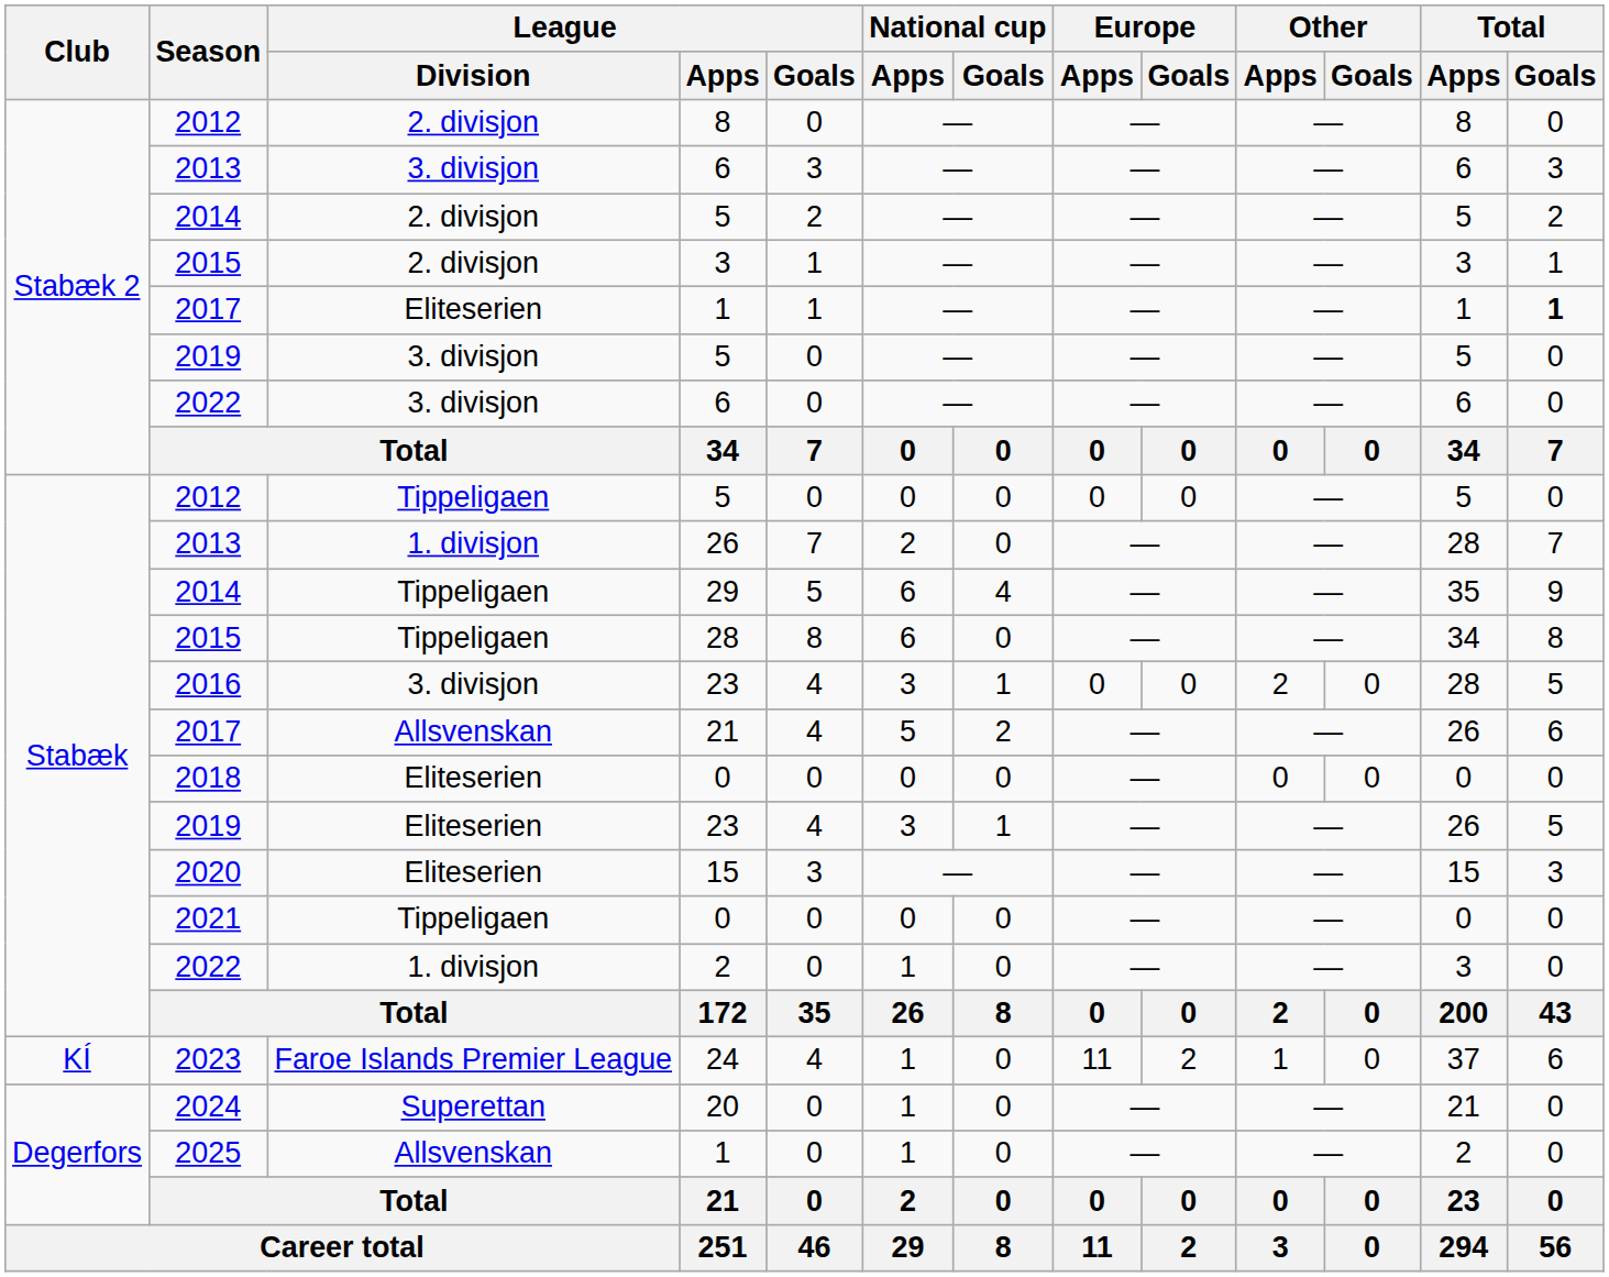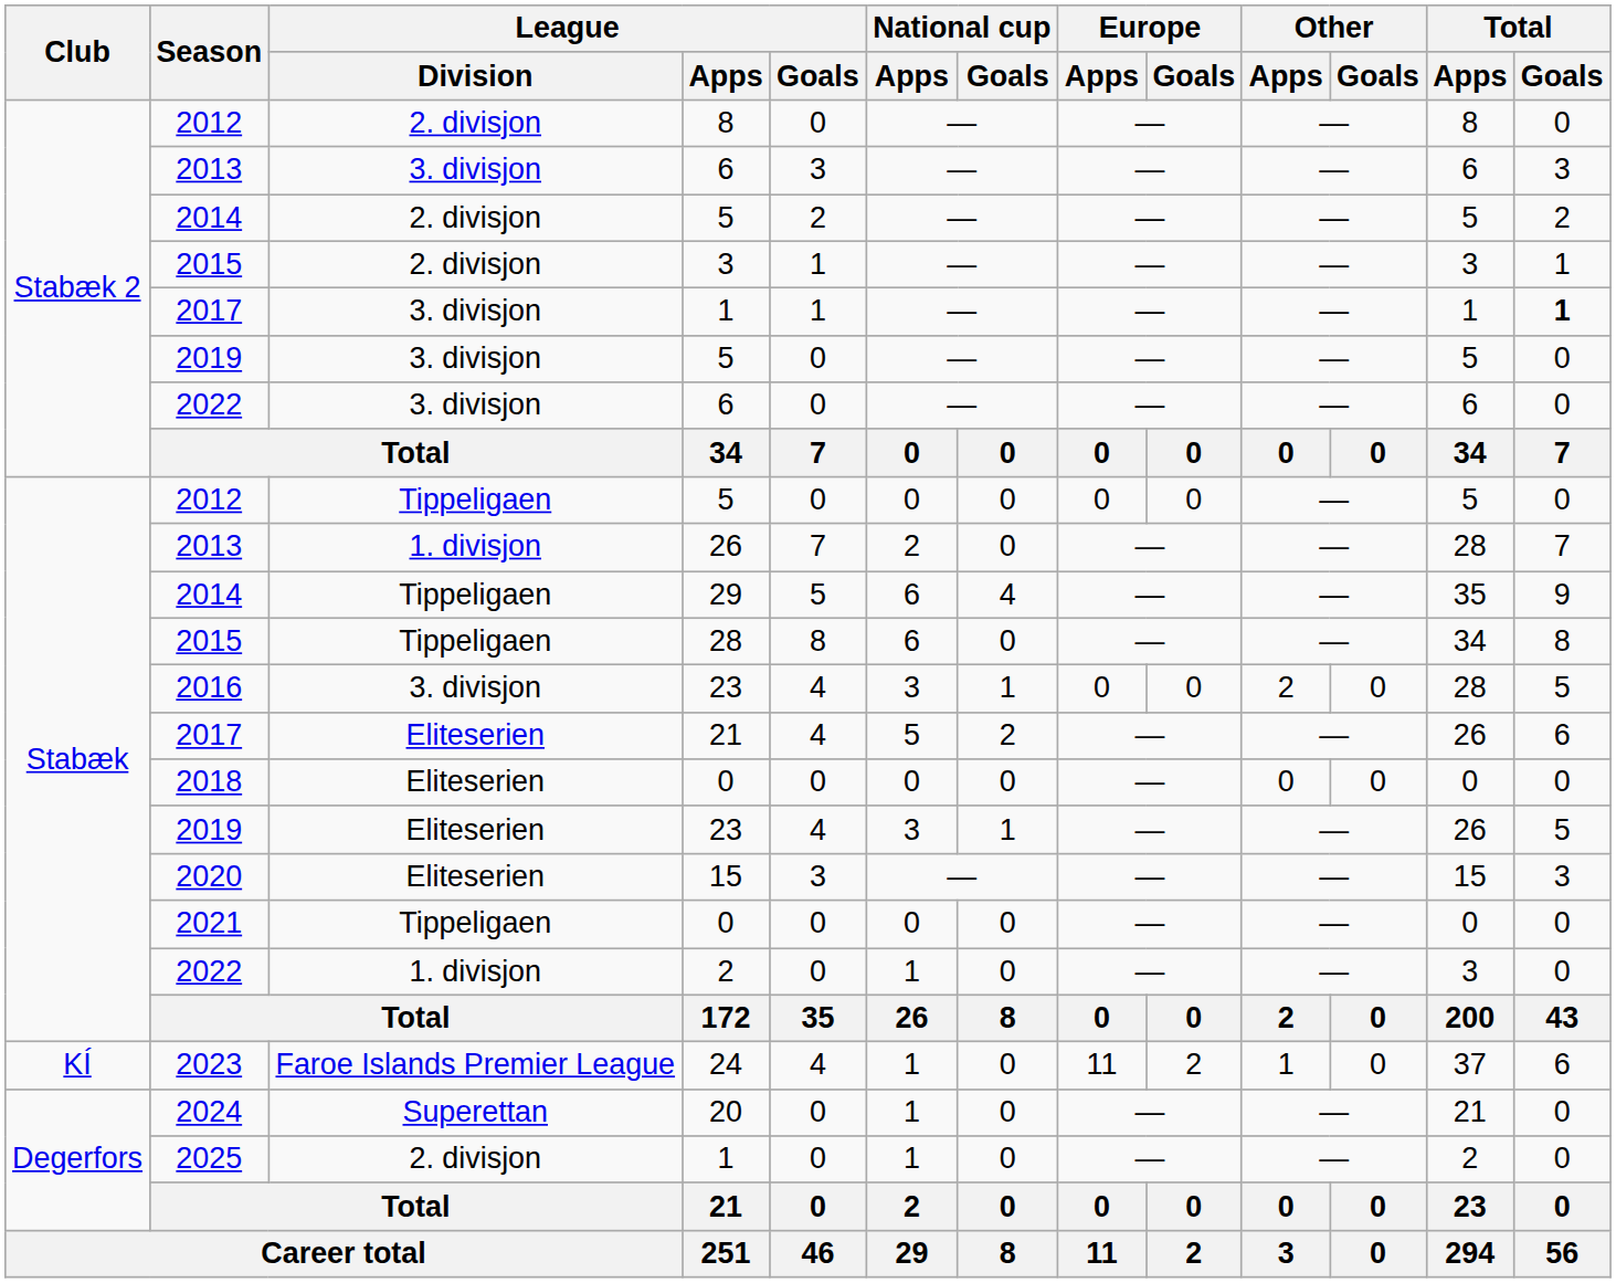 <table class="wikitable" style="text-align: center;">
 <tr>
 <th rowspan="2">Club</th>
 <th rowspan="2">Season</th>
 <th colspan="3">League</th>
 <th colspan="2">National cup</th>
 <th colspan="2">Europe</th>
 <th colspan="2">Other</th>
 <th colspan="2">Total</th>
 </tr>
 <tr>
 <th>Division</th>
 <th>Apps</th>
 <th>Goals</th>
 <th>Apps</th>
 <th>Goals</th>
 <th>Apps</th>
 <th>Goals</th>
 <th>Apps</th>
 <th>Goals</th>
 <th>Apps</th>
 <th>Goals</th>
 </tr>
 <tr>
 <td rowspan="8"><a href='#'>Stabæk 2</a></td>
 <td><a href='#'>2012</a></td>
 <td><a href='#'>2. divisjon</a></td>
 <td>8</td>
 <td>0</td>
 <td colspan="2">—</td>
 <td colspan="2">—</td>
 <td colspan="2">—</td>
 <td>8</td>
 <td>0</td>
 </tr>
 <tr>
 <td><a href='#'>2013</a></td>
 <td><a href='#'>3. divisjon</a></td>
 <td>6</td>
 <td>3</td>
 <td colspan="2">—</td>
 <td colspan="2">—</td>
 <td colspan="2">—</td>
 <td>6</td>
 <td>3</td>
 </tr>
 <tr>
 <td><a href='#'>2014</a></td>
 <td>2. divisjon</td>
 <td>5</td>
 <td>2</td>
 <td colspan="2">—</td>
 <td colspan="2">—</td>
 <td colspan="2">—</td>
 <td>5</td>
 <td>2</td>
 </tr>
 <tr>
 <td><a href='#'>2015</a></td>
 <td>2. divisjon</td>
 <td>3</td>
 <td>1</td>
 <td colspan="2">—</td>
 <td colspan="2">—</td>
 <td colspan="2">—</td>
 <td>3</td>
 <td>1</td>
 </tr>
 <tr>
 <td><a href='#'>2017</a></td>
-<td>Eliteserien</td>
+<td>3. divisjon</td>
 <td>1</td>
 <td>1</td>
 <td colspan="2">—</td>
 <td colspan="2">—</td>
 <td colspan="2">—</td>
 <td>1</td>
 <td><strong>1</strong></td>
 </tr>
 <tr>
 <td><a href='#'>2019</a></td>
 <td>3. divisjon</td>
 <td>5</td>
 <td>0</td>
 <td colspan="2">—</td>
 <td colspan="2">—</td>
 <td colspan="2">—</td>
 <td>5</td>
 <td>0</td>
 </tr>
 <tr>
 <td><a href='#'>2022</a></td>
 <td rowspan="1" valign="center">3. divisjon</td>
 <td>6</td>
 <td>0</td>
 <td colspan="2">—</td>
 <td colspan="2">—</td>
 <td colspan="2">—</td>
 <td>6</td>
 <td>0</td>
 </tr>
 <tr>
 <th colspan="2">Total</th>
 <th>34</th>
 <th>7</th>
 <th>0</th>
 <th>0</th>
 <th>0</th>
 <th>0</th>
 <th>0</th>
 <th>0</th>
 <th>34</th>
 <th>7</th>
 </tr>
 <tr>
 <td rowspan="12"><a href='#'>Stabæk</a></td>
 <td><a href='#'>2012</a></td>
 <td><a href='#'>Tippeligaen</a></td>
 <td>5</td>
 <td>0</td>
 <td>0</td>
 <td>0</td>
 <td>0</td>
 <td>0</td>
 <td colspan="2">—</td>
 <td>5</td>
 <td>0</td>
 </tr>
 <tr>
 <td><a href='#'>2013</a></td>
 <td><a href='#'>1. divisjon</a></td>
 <td>26</td>
 <td>7</td>
 <td>2</td>
 <td>0</td>
 <td colspan="2">—</td>
 <td colspan="2">—</td>
 <td>28</td>
 <td>7</td>
 </tr>
 <tr>
 <td><a href='#'>2014</a></td>
 <td>Tippeligaen</td>
 <td>29</td>
 <td>5</td>
 <td>6</td>
 <td>4</td>
 <td colspan="2">—</td>
 <td colspan="2">—</td>
 <td>35</td>
 <td>9</td>
 </tr>
 <tr>
 <td><a href='#'>2015</a></td>
 <td>Tippeligaen</td>
 <td>28</td>
 <td>8</td>
 <td>6</td>
 <td>0</td>
 <td colspan="2">—</td>
 <td colspan="2">—</td>
 <td>34</td>
 <td>8</td>
 </tr>
 <tr>
 <td><a href='#'>2016</a></td>
 <td rowspan="1" valign="center">3. divisjon</td>
 <td>23</td>
 <td>4</td>
 <td>3</td>
 <td>1</td>
 <td>0</td>
 <td>0</td>
 <td>2</td>
 <td>0</td>
 <td>28</td>
 <td>5</td>
 </tr>
 <tr>
 <td><a href='#'>2017</a></td>
-<td><a href='#'>Allsvenskan</a></td>
+<td><a href='#'>Eliteserien</a></td>
 <td>21</td>
 <td>4</td>
 <td>5</td>
 <td>2</td>
 <td colspan="2">—</td>
 <td colspan="2">—</td>
 <td>26</td>
 <td>6</td>
 </tr>
 <tr>
 <td><a href='#'>2018</a></td>
 <td>Eliteserien</td>
 <td>0</td>
 <td>0</td>
 <td>0</td>
 <td>0</td>
 <td colspan="2">—</td>
 <td>0</td>
 <td>0</td>
 <td>0</td>
 <td>0</td>
 </tr>
 <tr>
 <td><a href='#'>2019</a></td>
 <td>Eliteserien</td>
 <td>23</td>
 <td>4</td>
 <td>3</td>
 <td>1</td>
 <td colspan="2">—</td>
 <td colspan="2">—</td>
 <td>26</td>
 <td>5</td>
 </tr>
 <tr>
 <td><a href='#'>2020</a></td>
 <td>Eliteserien</td>
 <td>15</td>
 <td>3</td>
 <td colspan="2">—</td>
 <td colspan="2">—</td>
 <td colspan="2">—</td>
 <td>15</td>
 <td>3</td>
 </tr>
 <tr>
 <td><a href='#'>2021</a></td>
 <td>Tippeligaen</td>
 <td>0</td>
 <td>0</td>
 <td>0</td>
 <td>0</td>
 <td colspan="2">—</td>
 <td colspan="2">—</td>
 <td>0</td>
 <td>0</td>
 </tr>
 <tr>
 <td><a href='#'>2022</a></td>
 <td rowspan="1" valign="center">1. divisjon</td>
 <td>2</td>
 <td>0</td>
 <td>1</td>
 <td>0</td>
 <td colspan="2">—</td>
 <td colspan="2">—</td>
 <td>3</td>
 <td>0</td>
 </tr>
 <tr>
 <th colspan="2">Total</th>
 <th>172</th>
 <th>35</th>
 <th>26</th>
 <th>8</th>
 <th>0</th>
 <th>0</th>
 <th>2</th>
 <th>0</th>
 <th>200</th>
 <th>43</th>
 </tr>
 <tr>
 <td><a href='#'>KÍ</a></td>
 <td><a href='#'>2023</a></td>
 <td><a href='#'>Faroe Islands Premier League</a></td>
 <td>24</td>
 <td>4</td>
 <td>1</td>
 <td>0</td>
 <td>11</td>
 <td>2</td>
 <td>1</td>
 <td>0</td>
 <td>37</td>
 <td>6</td>
 </tr>
 <tr ;9>
 <td rowspan="3"><a href='#'>  Degerfors</a></td>
 <td><a href='#'>2024</a></td>
 <td rowspan="1"><a href='#'>Superettan</a></td>
 <td>20</td>
 <td>0</td>
 <td>1</td>
 <td>0</td>
 <td colspan="2">—</td>
 <td colspan="2">—</td>
 <td>21</td>
 <td>0</td>
 </tr>
 <tr>
 <td><a href='#'>2025</a></td>
-<td><a href='#'>Allsvenskan</a></td>
+<td>2. divisjon</td>
 <td>1</td>
 <td>0</td>
 <td>1</td>
 <td>0</td>
 <td colspan="2">—</td>
 <td colspan="2">—</td>
 <td>2</td>
 <td>0</td>
 </tr>
 <tr>
 <th colspan="2">Total</th>
 <th>21</th>
 <th>0</th>
 <th>2</th>
 <th>0</th>
 <th>0</th>
 <th>0</th>
 <th>0</th>
 <th>0</th>
 <th>23</th>
 <th>0</th>
 </tr>
 <tr>
 <th colspan="3">Career total</th>
 <th>251</th>
 <th>46</th>
 <th>29</th>
 <th>8</th>
 <th>11</th>
 <th>2</th>
 <th>3</th>
 <th>0</th>
 <th>294</th>
 <th>56</th>
 </tr>
 </table>
